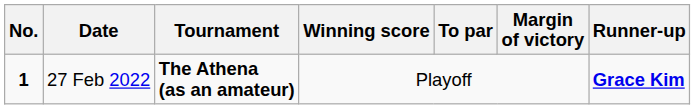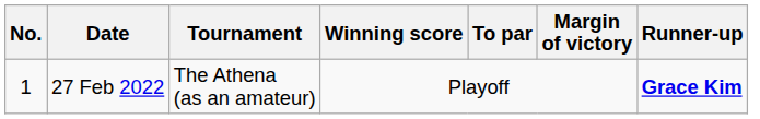 <table class="wikitable" style="font-size:95%;">
 <tr>
 <th>No.</th>
 <th>Date</th>
 <th>Tournament</th>
 <th>Winning score</th>
 <th>To par</th>
 <th>Margin<br>of victory</th>
 <th>Runner-up</th>
 </tr>
 <tr>
-<td align=center><strong>1</strong></td>
+<td align=center>1</td>
 <td align=right>27 Feb <a href='#'>2022</a></td>
-<td><strong>The Athena<br>(as an amateur)</strong></td>
+<td>The Athena<br>(as an amateur)</td>
 <td colspan = 3 align=center>Playoff</td>
 <td><strong> <a href='#'>Grace Kim</a></strong></td>
 </tr>
 </table>
